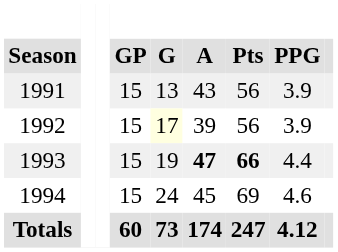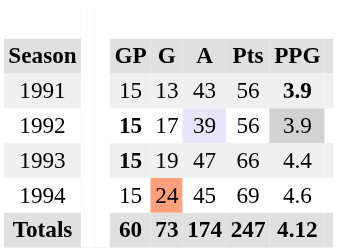 <table BORDER="0" CELLPADDING="3" CELLSPACING="0">
 <tr style="text-align: center; background: #e0e0e0">
 <th colspan="1" style="background: #ffffff"> </th>
 <th rowspan="99" style="background: #ffffff"> </th>
 <th rowspan="99" style="background: #ffffff"> </th>
 </tr>
 <tr style="text-align: center; background: #e0e0e0">
 <th>Season</th>
 <th>GP</th>
 <th>G</th>
 <th>A</th>
 <th>Pts</th>
 <th>PPG</th>
 <th></th>
 </tr>
 <tr style="text-align: center; background: #f0f0f0">
 <td>1991</td>
 <td>15</td>
 <td>13</td>
 <td>43</td>
 <td>56</td>
-<td>3.9</td>
+<td><strong>3.9</strong></td>
 <td></td>
 </tr>
 <tr ALIGN="center">
 <td>1992</td>
-<td>15</td>
-<td style="background: lightyellow;">17</td>
-<td>39</td>
+<td><strong>15</strong></td>
+<td>17</td>
+<td style="background: lavender;">39</td>
 <td>56</td>
-<td>3.9</td>
+<td style="background: lightgrey;">3.9</td>
 <td></td>
 </tr>
 <tr style="text-align: center; background: #f0f0f0">
 <td>1993</td>
-<td>15</td>
+<td><strong>15</strong></td>
 <td>19</td>
-<td><strong>47</strong></td>
-<td><strong>66</strong></td>
+<td>47</td>
+<td>66</td>
 <td>4.4</td>
 <td></td>
 </tr>
 <tr ALIGN="center">
 <td>1994</td>
 <td>15</td>
-<td>24</td>
+<td style="background: lightsalmon;">24</td>
 <td>45</td>
 <td>69</td>
 <td>4.6</td>
 <td></td>
 </tr>
 <tr style="text-align: center; background: #e0e0e0">
 <th colspan="1.5">Totals</th>
 <th>60</th>
 <th>73</th>
 <th>174</th>
 <th>247</th>
 <th>4.12</th>
 <th></th>
 </tr>
 </table>
